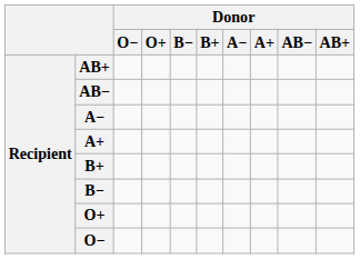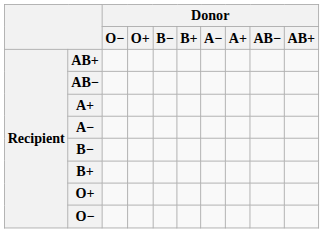 <table class="wikitable" style="text-align: center">
 <tr>
 <th colspan=2 rowspan=2></th>
 <th colspan="8">Donor</th>
 </tr>
 <tr>
 <th>O−</th>
 <th>O+</th>
 <th>B−</th>
 <th>B+</th>
 <th>A−</th>
 <th>A+</th>
 <th>AB−</th>
 <th>AB+</th>
 </tr>
 <tr>
 <th rowspan="8">Recipient</th>
 <th>AB+</th>
 <td></td>
 <td></td>
 <td></td>
 <td></td>
 <td></td>
 <td></td>
 <td></td>
 <td></td>
 </tr>
 <tr>
 <th>AB−</th>
 <td></td>
 <td></td>
 <td></td>
 <td></td>
 <td></td>
 <td></td>
 <td></td>
 <td></td>
 </tr>
 <tr>
+<th>A+</th>
+<td></td>
+<td></td>
+<td></td>
+<td></td>
+<td></td>
+<td></td>
+<td></td>
+<td></td>
+</tr>
+<tr>
 <th>A−</th>
 <td></td>
 <td></td>
 <td></td>
 <td></td>
 <td></td>
 <td></td>
 <td></td>
 <td></td>
 </tr>
 <tr>
-<th>A+</th>
+<th>B−</th>
 <td></td>
 <td></td>
 <td></td>
 <td></td>
 <td></td>
 <td></td>
 <td></td>
 <td></td>
 </tr>
 <tr>
 <th>B+</th>
-<td></td>
-<td></td>
-<td></td>
-<td></td>
-<td></td>
-<td></td>
-<td></td>
-<td></td>
-</tr>
-<tr>
-<th>B−</th>
 <td></td>
 <td></td>
 <td></td>
 <td></td>
 <td></td>
 <td></td>
 <td></td>
 <td></td>
 </tr>
 <tr>
 <th>O+</th>
 <td></td>
 <td></td>
 <td></td>
 <td></td>
 <td></td>
 <td></td>
 <td></td>
 <td></td>
 </tr>
 <tr>
 <th>O−</th>
 <td></td>
 <td></td>
 <td></td>
 <td></td>
 <td></td>
 <td></td>
 <td></td>
 <td></td>
 </tr>
 </table>
